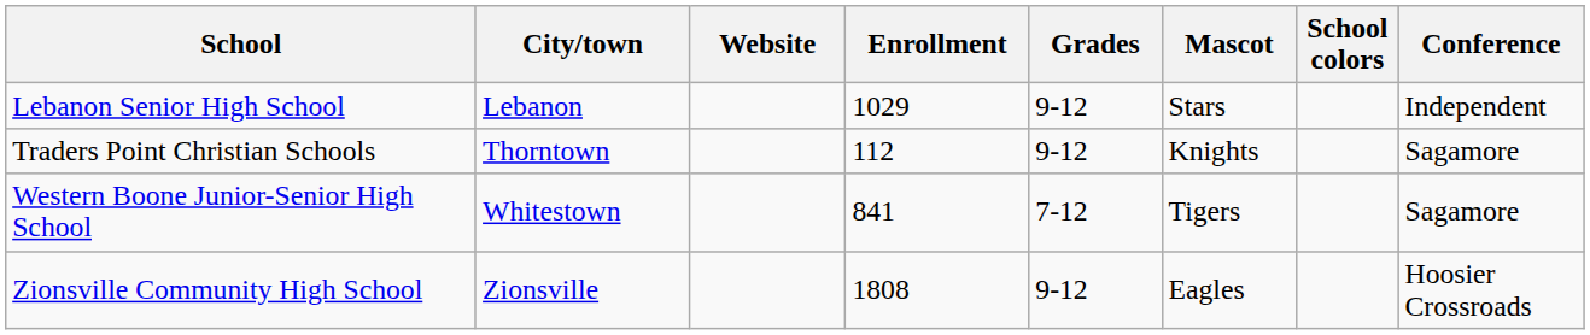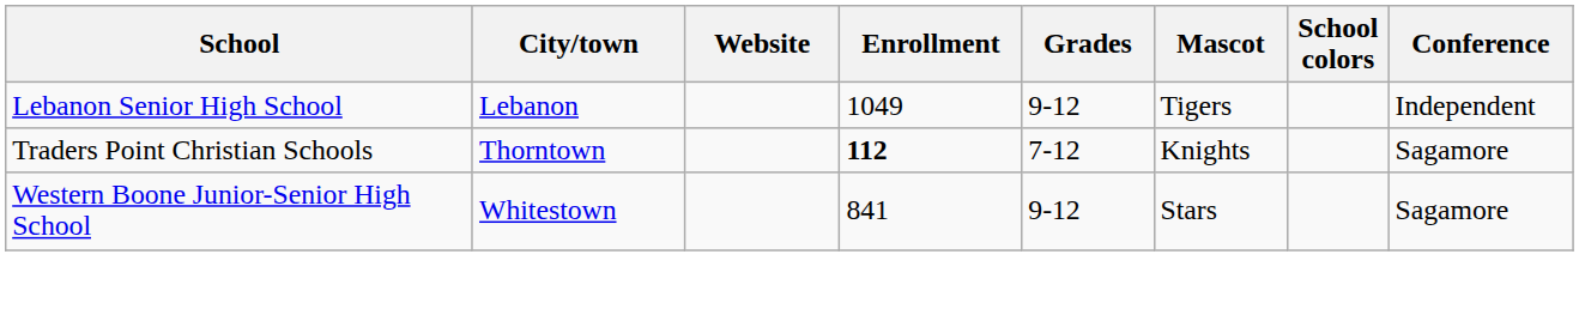 <table class="wikitable sortable" width="70%">
 <tr>
 <th width="20%">School</th>
 <th width="08%">City/town</th>
 <th width="06%">Website</th>
 <th width="04%">Enrollment</th>
 <th width="04%">Grades</th>
 <th width="04%">Mascot</th>
 <th width=01%>School colors</th>
 <th width="04%">Conference</th>
 </tr>
 <tr>
 <td><a href='#'>Lebanon Senior High School</a></td>
 <td><a href='#'>Lebanon</a></td>
 <td></td>
-<td>1029</td>
+<td>1049</td>
 <td>9-12</td>
-<td>Stars</td>
+<td>Tigers</td>
 <td> </td>
 <td>Independent</td>
 </tr>
 <tr>
 <td>Traders Point Christian Schools</td>
 <td><a href='#'>Thorntown</a></td>
 <td></td>
-<td>112</td>
-<td>9-12</td>
+<td><strong>112</strong></td>
+<td>7-12</td>
 <td>Knights</td>
 <td> </td>
 <td>Sagamore</td>
 </tr>
 <tr>
 <td><a href='#'>Western Boone Junior-Senior High School</a></td>
 <td><a href='#'>Whitestown</a></td>
 <td></td>
 <td>841</td>
-<td>7-12</td>
-<td>Tigers</td>
+<td>9-12</td>
+<td>Stars</td>
 <td> </td>
 <td>Sagamore</td>
 </tr>
-<tr>
-<td><a href='#'>Zionsville Community High School</a></td>
-<td><a href='#'>Zionsville</a></td>
-<td></td>
-<td>1808</td>
-<td>9-12</td>
-<td>Eagles</td>
-<td> </td>
-<td>Hoosier Crossroads</td>
-</tr>
 </table>
